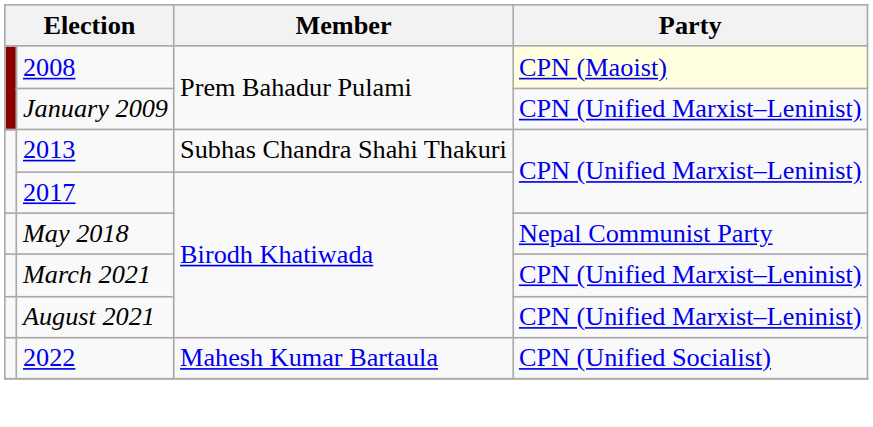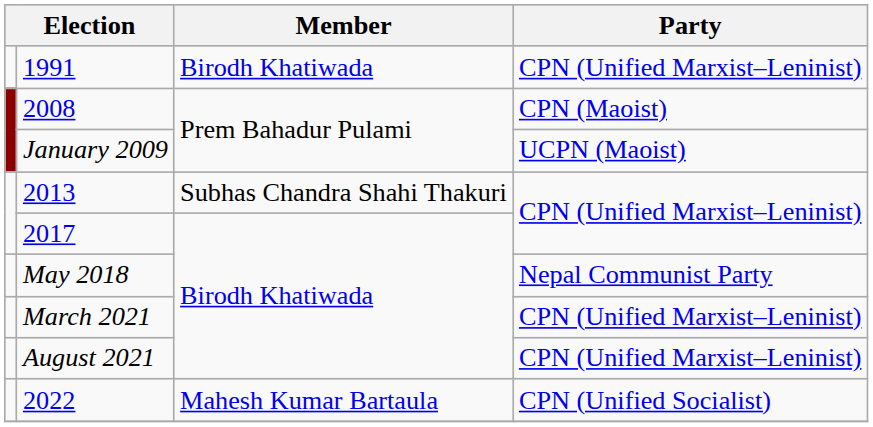 <table class="wikitable">
 <tr>
 <th colspan="2">Election</th>
 <th>Member</th>
 <th>Party</th>
 </tr>
 <tr>
+<td style="background-color:"></td>
+<td><a href='#'>1991</a></td>
+<td><a href='#'>Birodh Khatiwada</a></td>
+<td><a href='#'>CPN (Unified Marxist–Leninist)</a></td>
+</tr>
+<tr>
 <td rowspan="2" style="background-color:darkred"></td>
 <td><a href='#'>2008</a></td>
 <td rowspan="2">Prem Bahadur Pulami</td>
-<td style="background: lightyellow;"><a href='#'>CPN (Maoist)</a></td>
+<td><a href='#'>CPN (Maoist)</a></td>
 </tr>
 <tr>
 <td><em>January 2009</em></td>
-<td><a href='#'>CPN (Unified Marxist–Leninist)</a></td>
+<td><a href='#'>UCPN (Maoist)</a></td>
 </tr>
 <tr>
 <td rowspan="2" style="background-color:"></td>
 <td><a href='#'>2013</a></td>
 <td>Subhas Chandra Shahi Thakuri</td>
 <td rowspan="2"><a href='#'>CPN (Unified Marxist–Leninist)</a></td>
 </tr>
 <tr>
 <td><a href='#'>2017</a></td>
 <td rowspan="4"><a href='#'>Birodh Khatiwada</a></td>
 </tr>
 <tr>
 <td style="background-color:"></td>
 <td><em>May 2018</em></td>
 <td><a href='#'>Nepal Communist Party</a></td>
 </tr>
 <tr>
 <td style="background-color:"></td>
 <td><em>March 2021</em></td>
 <td><a href='#'>CPN (Unified Marxist–Leninist)</a></td>
 </tr>
 <tr>
 <td style="background-color:"></td>
 <td><em>August 2021</em></td>
 <td><a href='#'>CPN (Unified Marxist–Leninist)</a></td>
 </tr>
 <tr>
 <td style="background-color:"></td>
 <td><a href='#'>2022</a></td>
 <td><a href='#'>Mahesh Kumar Bartaula</a></td>
 <td><a href='#'>CPN (Unified Socialist)</a></td>
 </tr>
 <tr>
 </tr>
 </table>
